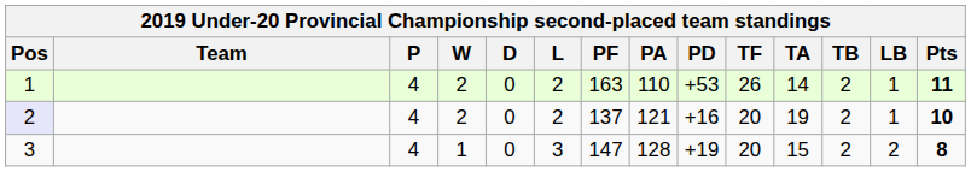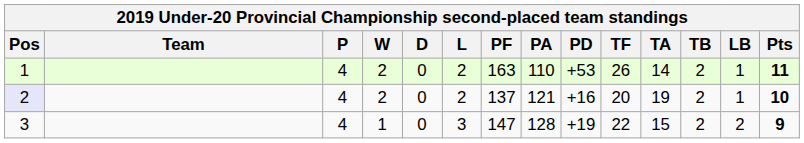 <table class="wikitable" style="text-align:center; font-size:100%; width:60%;">
 <tr>
 <th colspan="100%" cellpadding="0" cellspacing="0"><strong>2019 Under-20 Provincial Championship second-placed team standings</strong></th>
 </tr>
 <tr>
 <th style="width:5%;">Pos</th>
 <th style="width:35%;">Team</th>
 <th style="width:5%;">P</th>
 <th style="width:5%;">W</th>
 <th style="width:5%;">D</th>
 <th style="width:5%;">L</th>
 <th style="width:5%;">PF</th>
 <th style="width:5%;">PA</th>
 <th style="width:5%;">PD</th>
 <th style="width:5%;">TF</th>
 <th style="width:5%;">TA</th>
 <th style="width:5%;">TB</th>
 <th style="width:5%;">LB</th>
 <th style="width:5%;">Pts<br></th>
 </tr>
 <tr style="background:#E8FFD8;">
 <td>1</td>
 <td style="text-align:left;"></td>
 <td>4</td>
 <td>2</td>
 <td>0</td>
 <td>2</td>
 <td>163</td>
 <td>110</td>
 <td>+53</td>
 <td>26</td>
 <td>14</td>
 <td>2</td>
 <td>1</td>
 <td><strong>11</strong></td>
 </tr>
 <tr>
 <td style="background: lavender;">2</td>
 <td style="text-align:left;"></td>
 <td>4</td>
 <td>2</td>
 <td>0</td>
 <td>2</td>
 <td>137</td>
 <td>121</td>
 <td>+16</td>
 <td>20</td>
 <td>19</td>
 <td>2</td>
 <td>1</td>
 <td><strong>10</strong></td>
 </tr>
 <tr>
 <td>3</td>
 <td style="text-align:left;"></td>
 <td>4</td>
 <td>1</td>
 <td>0</td>
 <td>3</td>
 <td>147</td>
 <td>128</td>
 <td>+19</td>
-<td>20</td>
+<td>22</td>
 <td>15</td>
 <td>2</td>
 <td>2</td>
-<td><strong>8</strong></td>
+<td><strong>9</strong></td>
 </tr>
 </table>
